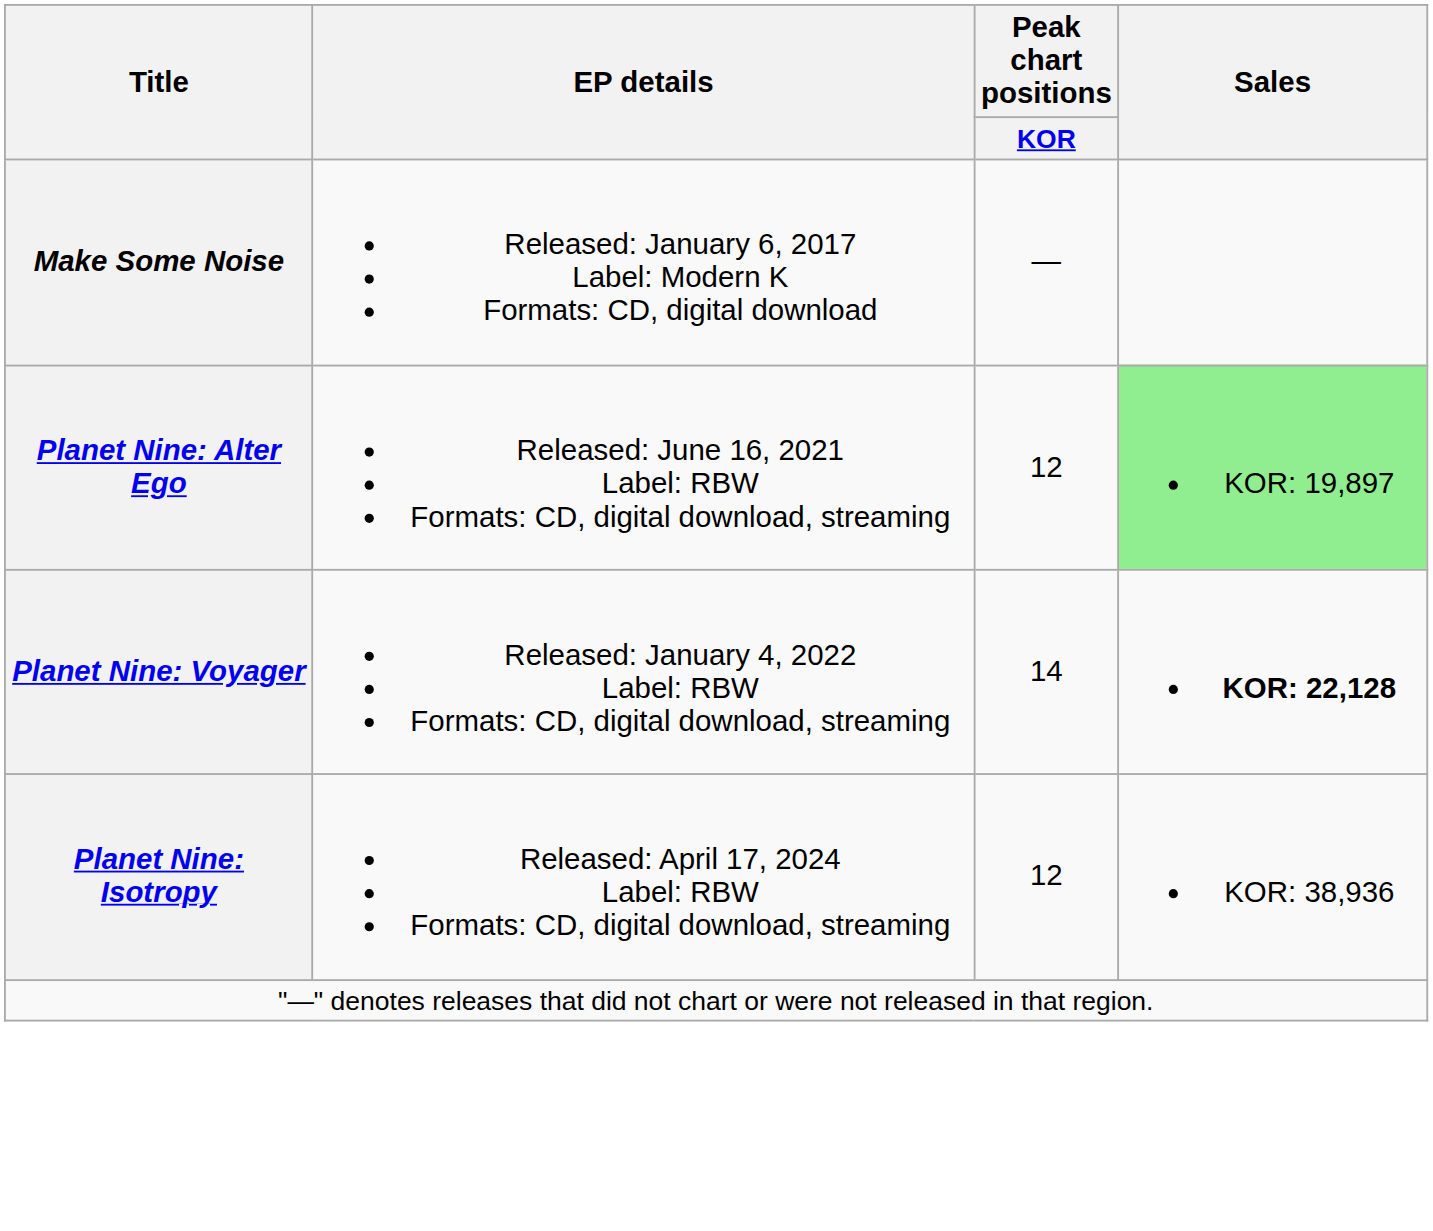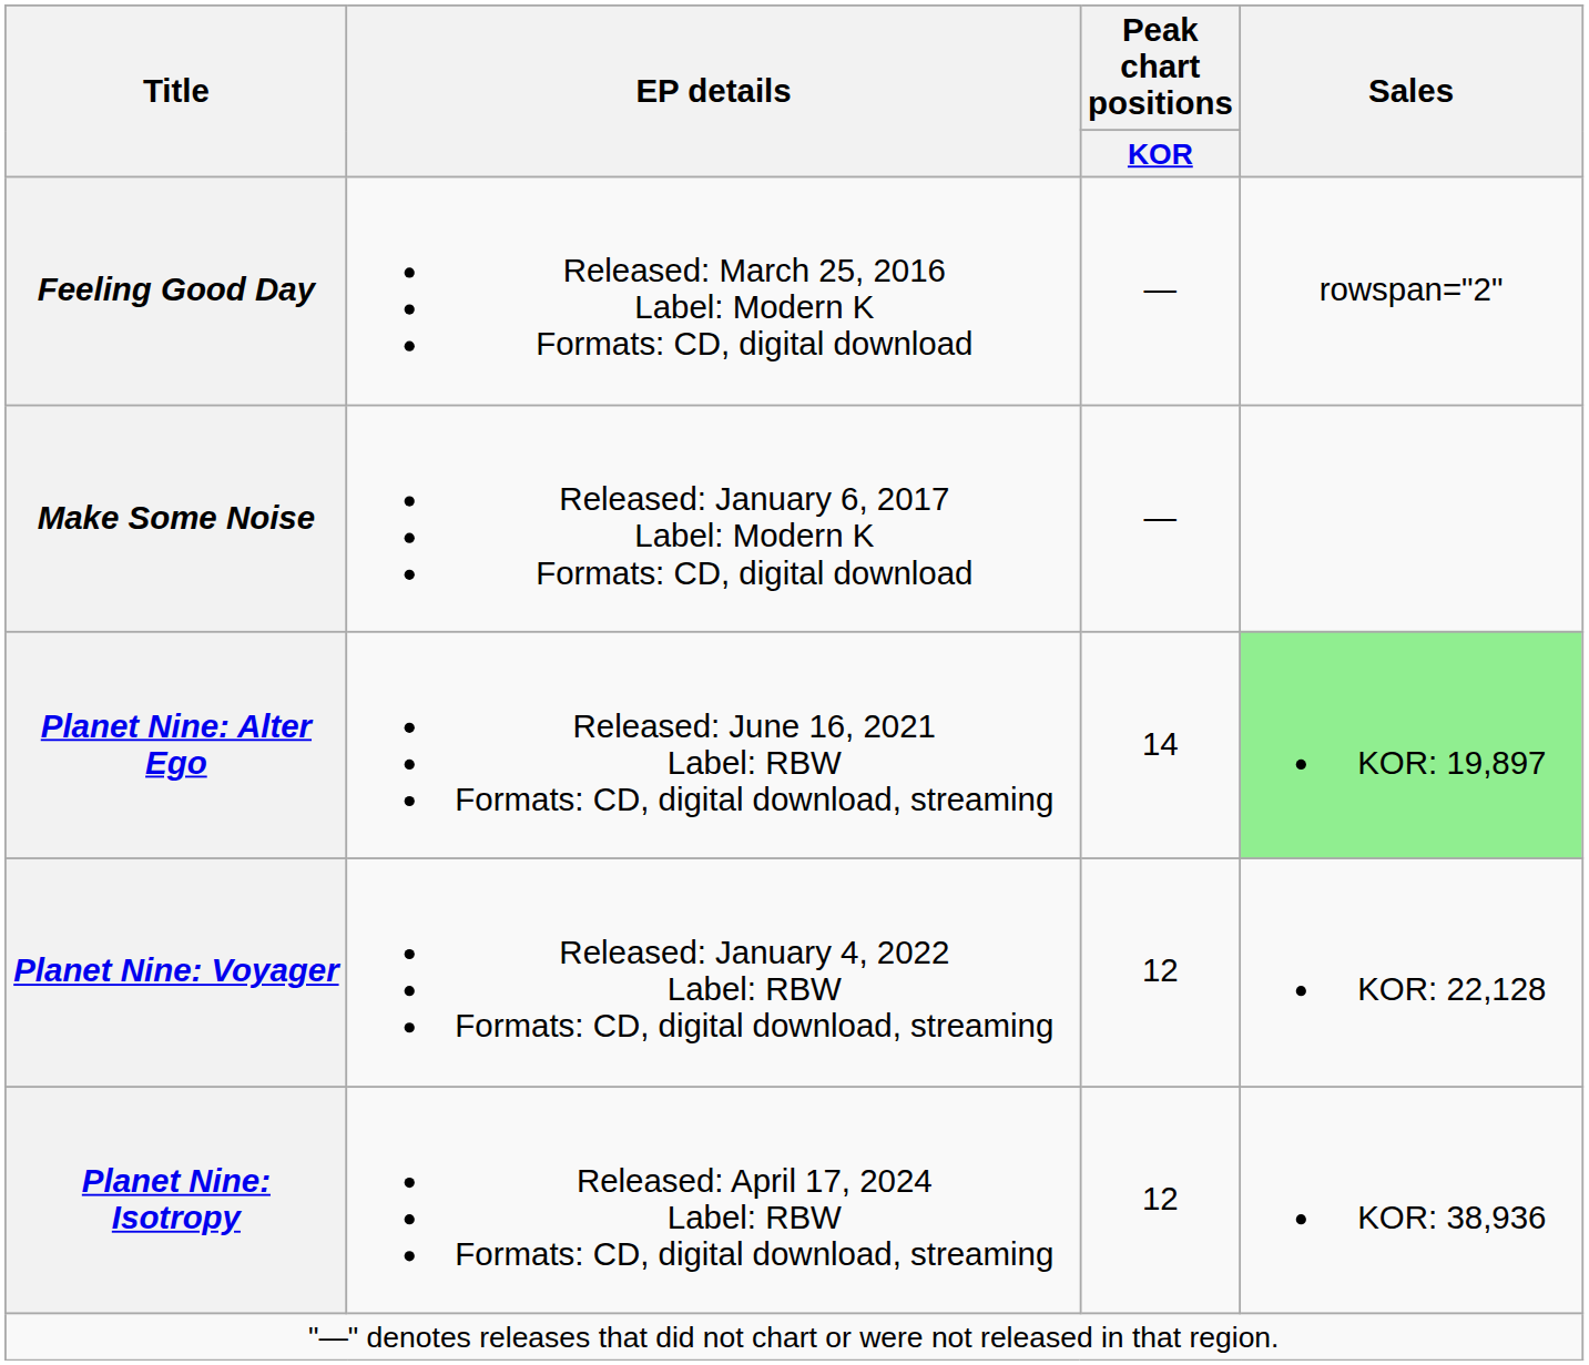 <table class="wikitable plainrowheaders" style="text-align:center;">
 <tr>
 <th rowspan="2" style="width:10em;">Title</th>
 <th rowspan="2" style="width:22em;">EP details</th>
 <th scope="col" colspan="1">Peak chart positions</th>
 <th rowspan="2" style="width:10em;">Sales</th>
 </tr>
 <tr>
 <th scope="col" style="width:3em;font-size:90%;"><a href='#'>KOR</a><br></th>
 </tr>
 <tr>
+<th scope=row><em>Feeling Good Day</em></th>
+<td><br><ul><li>Released: March 25, 2016</li><li>Label: Modern K</li><li>Formats: CD, digital download</li></ul></td>
+<td>—</td>
+<td>rowspan="2" </td>
+</tr>
+<tr>
 <th scope=row><em>Make Some Noise</em></th>
 <td><br><ul><li>Released: January 6, 2017</li><li>Label: Modern K</li><li>Formats: CD, digital download</li></ul></td>
 <td>—</td>
 </tr>
 <tr>
 <th scope=row><em><a href='#'>Planet Nine: Alter Ego</a></em></th>
 <td><br><ul><li>Released: June 16, 2021</li><li>Label: RBW</li><li>Formats: CD, digital download, streaming</li></ul></td>
-<td>12</td>
+<td>14</td>
 <td style="background: lightgreen;"><br><ul><li>KOR: 19,897</li></ul></td>
 </tr>
 <tr>
 <th scope=row><em><a href='#'>Planet Nine: Voyager</a></em></th>
 <td><br><ul><li>Released: January 4, 2022</li><li>Label: RBW</li><li>Formats: CD, digital download, streaming</li></ul></td>
-<td>14</td>
-<td><strong><br><ul><li>KOR: 22,128</li></ul></strong></td>
+<td>12</td>
+<td><br><ul><li>KOR: 22,128</li></ul></td>
 </tr>
 <tr>
 <th scope=row><em><a href='#'>Planet Nine: Isotropy</a></em></th>
 <td><br><ul><li>Released: April 17, 2024</li><li>Label: RBW</li><li>Formats: CD, digital download, streaming</li></ul></td>
 <td>12</td>
 <td><br><ul><li>KOR: 38,936</li></ul></td>
 </tr>
 <tr>
 <td colspan="4" style="font-size:90%">"—" denotes releases that did not chart or were not released in that region.</td>
 </tr>
 </table>
